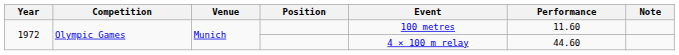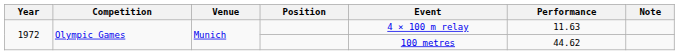 <table class="wikitable" width=55% style="font-size:90%; text-align:center;">
 <tr>
 <th>Year</th>
 <th>Competition</th>
 <th>Venue</th>
 <th>Position</th>
 <th>Event</th>
 <th>Performance</th>
 <th>Note</th>
 </tr>
 <tr>
 <td rowspan=2>1972</td>
 <td rowspan=2 align=left><a href='#'>Olympic Games</a></td>
 <td rowspan=2 align=left> <a href='#'>Munich</a></td>
 <td></td>
-<td><a href='#'>100 metres</a></td>
-<td>11.60</td>
+<td><a href='#'>4 × 100 m relay</a></td>
+<td>11.63</td>
 <td></td>
 </tr>
 <tr>
 <td></td>
-<td><a href='#'>4 × 100 m relay</a></td>
-<td>44.60</td>
+<td><a href='#'>100 metres</a></td>
+<td>44.62</td>
 <td></td>
 </tr>
 </table>
